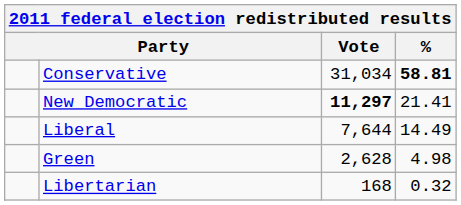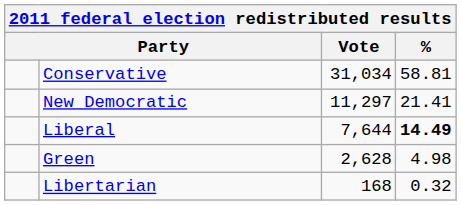 <table class="wikitable">
 <tr>
 <th colspan="4"><a href='#'>2011 federal election</a> redistributed results</th>
 </tr>
 <tr>
 <th bgcolor="#DDDDFF" width="130px" colspan="2">Party</th>
 <th bgcolor="#DDDDFF" width="50px">Vote</th>
 <th bgcolor="#DDDDFF" width="30px">%</th>
 </tr>
 <tr>
 <td> </td>
 <td><a href='#'>Conservative</a></td>
 <td align=right>31,034</td>
-<td align=right><strong>58.81</strong></td>
+<td align=right>58.81</td>
 </tr>
 <tr>
 <td> </td>
 <td><a href='#'>New Democratic</a></td>
-<td align=right><strong>11,297</strong></td>
+<td align=right>11,297</td>
 <td align=right>21.41</td>
 </tr>
 <tr>
 <td> </td>
 <td><a href='#'>Liberal</a></td>
 <td align=right>7,644</td>
-<td align=right>14.49</td>
+<td align=right><strong>14.49</strong></td>
 </tr>
 <tr>
 <td> </td>
 <td><a href='#'>Green</a></td>
 <td align=right>2,628</td>
 <td align=right>4.98</td>
 </tr>
 <tr>
 <td> </td>
 <td><a href='#'>Libertarian</a></td>
 <td align=right>168</td>
 <td align=right>0.32</td>
 </tr>
 </table>
